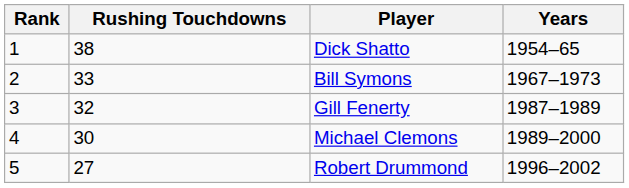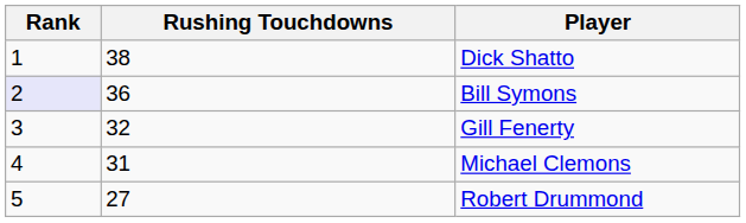 <table class="wikitable" style="width:60%;">
 <tr>
 <th>Rank</th>
 <th>Rushing Touchdowns</th>
 <th>Player</th>
-<th>Years</th>
 </tr>
 <tr>
 <td>1</td>
 <td>38</td>
 <td><a href='#'>Dick Shatto</a></td>
-<td>1954–65</td>
 </tr>
 <tr>
-<td>2</td>
-<td>33</td>
+<td style="background: lavender;">2</td>
+<td>36</td>
 <td><a href='#'>Bill Symons</a></td>
-<td>1967–1973</td>
 </tr>
 <tr>
 <td>3</td>
 <td>32</td>
 <td><a href='#'>Gill Fenerty</a></td>
-<td>1987–1989</td>
 </tr>
 <tr>
 <td>4</td>
-<td>30</td>
+<td>31</td>
 <td><a href='#'>Michael Clemons</a></td>
-<td>1989–2000</td>
 </tr>
 <tr>
 <td>5</td>
 <td>27</td>
 <td><a href='#'>Robert Drummond</a></td>
-<td>1996–2002</td>
 </tr>
 </table>
